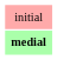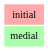 <table>
 <tr align=center>
 <td style="width:60px; background:#faa; height:30px;">initial</td>
 </tr>
 <tr align=center>
-<td style="background:#afa; height:30px;"><strong>medial</strong></td>
+<td style="background:#afa; height:30px;">medial</td>
 </tr>
 </table>
